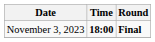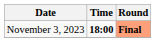 <table class="wikitable">
 <tr>
 <th>Date</th>
 <th>Time</th>
 <th>Round</th>
 </tr>
 <tr>
 <td>November 3, 2023</td>
 <td><strong>18:00</strong></td>
-<td><strong>Final</strong></td>
+<td style="background: lightsalmon;"><strong>Final</strong></td>
 </tr>
 <tr>
 </tr>
 </table>
